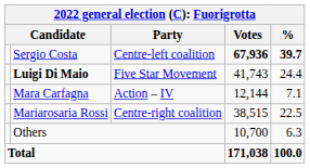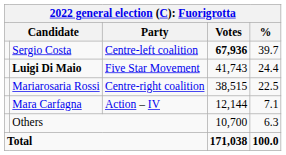 <table class=wikitable style=text-align:right>
 <tr>
 <th colspan=5><a href='#'>2022 general election</a> (<a href='#'>C</a>): <a href='#'>Fuorigrotta</a></th>
 </tr>
 <tr>
 <th colspan=2>Candidate</th>
 <th>Party</th>
 <th>Votes</th>
 <th>%</th>
 </tr>
 <tr>
 <td></td>
 <td align=left><a href='#'>Sergio Costa</a></td>
 <td align=left><a href='#'>Centre-left coalition</a></td>
 <td><strong>67,936</strong></td>
-<td><strong>39.7</strong></td>
+<td>39.7</td>
 </tr>
 <tr>
 <td></td>
 <td align=left><strong>Luigi Di Maio</strong></td>
 <td align=left><a href='#'>Five Star Movement</a></td>
 <td>41,743</td>
 <td>24.4</td>
 </tr>
 <tr>
 <td></td>
+<td align=left><a href='#'>Mariarosaria Rossi</a></td>
+<td align=left><a href='#'>Centre-right coalition</a></td>
+<td>38,515</td>
+<td>22.5</td>
+</tr>
+<tr>
+<td></td>
 <td align=left><a href='#'>Mara Carfagna</a></td>
 <td align=left><a href='#'>Action</a> – <a href='#'>IV</a></td>
 <td>12,144</td>
 <td>7.1</td>
-</tr>
-<tr>
-<td></td>
-<td align=left><a href='#'>Mariarosaria Rossi</a></td>
-<td align=left><a href='#'>Centre-right coalition</a></td>
-<td>38,515</td>
-<td>22.5</td>
 </tr>
 <tr>
 <td></td>
 <td align=left colspan=2>Others</td>
 <td>10,700</td>
 <td>6.3</td>
 </tr>
 <tr>
 <td align=left colspan=3><strong>Total</strong></td>
 <td><strong>171,038</strong></td>
 <td><strong>100.0</strong></td>
 </tr>
 </table>
